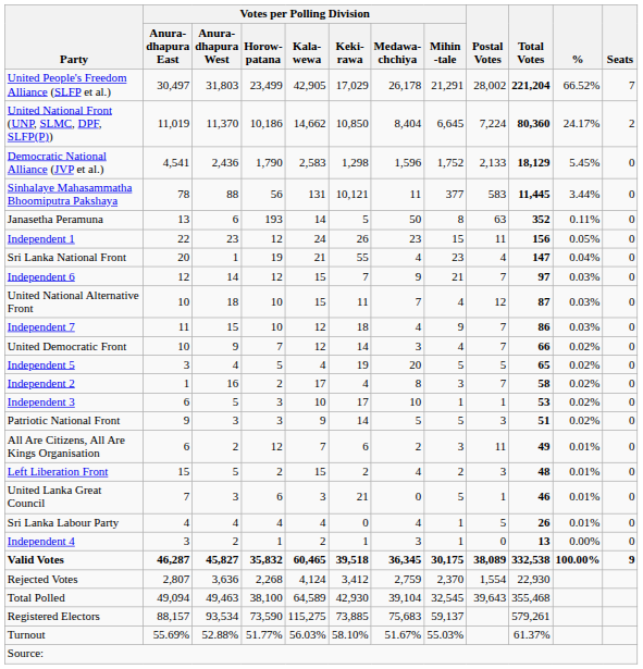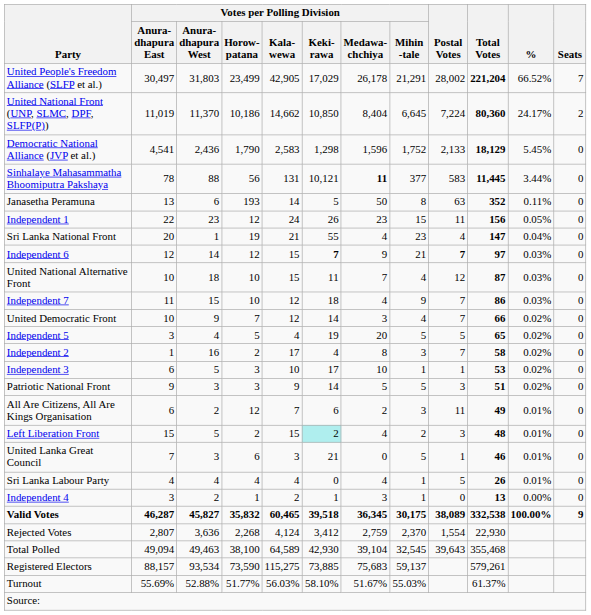 <table class="wikitable" border="1" style="text-align:right;">
 <tr>
 <th align=left valign=bottom rowspan=2 width="180">Party</th>
 <th colspan=7>Votes per Polling Division</th>
 <th align=center valign=bottom rowspan=2 width="50">Postal<br>Votes</th>
 <th align=center valign=bottom rowspan=2 width="50">Total Votes</th>
 <th align=center valign=bottom rowspan=2 width="50">%</th>
 <th align=center valign=bottom rowspan=2 width="40">Seats</th>
 </tr>
 <tr>
 <th align=center valign=bottom width="50">Anura-<br>dhapura<br>East</th>
 <th align=center valign=bottom width="50">Anura-<br>dhapura<br>West</th>
 <th align=center valign=bottom width="50">Horow-<br>patana</th>
 <th align=center valign=bottom width="50">Kala-<br>wewa</th>
 <th align=center valign=bottom width="50">Keki-<br>rawa</th>
 <th align=center valign=bottom width="50">Medawa-<br>chchiya</th>
 <th align=center valign=bottom width="50">Mihin<br>-tale</th>
 </tr>
 <tr>
 <td align=left><a href='#'>United People's Freedom Alliance</a> (<a href='#'>SLFP</a> et al.)</td>
 <td>30,497</td>
 <td>31,803</td>
 <td>23,499</td>
 <td>42,905</td>
 <td>17,029</td>
 <td>26,178</td>
 <td>21,291</td>
 <td>28,002</td>
 <td><strong>221,204</strong></td>
 <td>66.52%</td>
 <td>7</td>
 </tr>
 <tr>
 <td align=left><a href='#'>United National Front</a><br>(<a href='#'>UNP</a>, <a href='#'>SLMC</a>, <a href='#'>DPF</a>, <a href='#'>SLFP(P)</a>)</td>
 <td>11,019</td>
 <td>11,370</td>
 <td>10,186</td>
 <td>14,662</td>
 <td>10,850</td>
 <td>8,404</td>
 <td>6,645</td>
 <td>7,224</td>
 <td><strong>80,360</strong></td>
 <td>24.17%</td>
 <td>2</td>
 </tr>
 <tr>
 <td align=left><a href='#'>Democratic National Alliance</a> (<a href='#'>JVP</a> et al.)</td>
 <td>4,541</td>
 <td>2,436</td>
 <td>1,790</td>
 <td>2,583</td>
 <td>1,298</td>
 <td>1,596</td>
 <td>1,752</td>
 <td>2,133</td>
 <td><strong>18,129</strong></td>
 <td>5.45%</td>
 <td>0</td>
 </tr>
 <tr>
 <td align=left><a href='#'>Sinhalaye Mahasammatha Bhoomiputra Pakshaya</a></td>
 <td>78</td>
 <td>88</td>
 <td>56</td>
 <td>131</td>
 <td>10,121</td>
-<td>11</td>
+<td><strong>11</strong></td>
 <td>377</td>
 <td>583</td>
 <td><strong>11,445</strong></td>
 <td>3.44%</td>
 <td>0</td>
 </tr>
 <tr>
 <td align=left>Janasetha Peramuna</td>
 <td>13</td>
 <td>6</td>
 <td>193</td>
 <td>14</td>
 <td>5</td>
 <td>50</td>
 <td>8</td>
 <td>63</td>
 <td><strong>352</strong></td>
 <td>0.11%</td>
 <td>0</td>
 </tr>
 <tr>
 <td align=left><a href='#'>Independent 1</a></td>
 <td>22</td>
 <td>23</td>
 <td>12</td>
 <td>24</td>
 <td>26</td>
 <td>23</td>
 <td>15</td>
 <td>11</td>
 <td><strong>156</strong></td>
 <td>0.05%</td>
 <td>0</td>
 </tr>
 <tr>
 <td align=left>Sri Lanka National Front</td>
 <td>20</td>
 <td>1</td>
 <td>19</td>
 <td>21</td>
 <td>55</td>
 <td>4</td>
 <td>23</td>
 <td>4</td>
 <td><strong>147</strong></td>
 <td>0.04%</td>
 <td>0</td>
 </tr>
 <tr>
 <td align=left><a href='#'>Independent 6</a></td>
 <td>12</td>
 <td>14</td>
 <td>12</td>
 <td>15</td>
-<td>7</td>
+<td><strong>7</strong></td>
 <td>9</td>
 <td>21</td>
-<td>7</td>
+<td><strong>7</strong></td>
 <td><strong>97</strong></td>
 <td>0.03%</td>
 <td>0</td>
 </tr>
 <tr>
 <td align=left>United National Alternative Front</td>
 <td>10</td>
 <td>18</td>
 <td>10</td>
 <td>15</td>
 <td>11</td>
 <td>7</td>
 <td>4</td>
 <td>12</td>
 <td><strong>87</strong></td>
 <td>0.03%</td>
 <td>0</td>
 </tr>
 <tr>
 <td align=left><a href='#'>Independent 7</a></td>
 <td>11</td>
 <td>15</td>
 <td>10</td>
 <td>12</td>
 <td>18</td>
 <td>4</td>
 <td>9</td>
 <td>7</td>
 <td><strong>86</strong></td>
 <td>0.03%</td>
 <td>0</td>
 </tr>
 <tr>
 <td align=left>United Democratic Front</td>
 <td>10</td>
 <td>9</td>
 <td>7</td>
 <td>12</td>
 <td>14</td>
 <td>3</td>
 <td>4</td>
 <td>7</td>
 <td><strong>66</strong></td>
 <td>0.02%</td>
 <td>0</td>
 </tr>
 <tr>
 <td align=left><a href='#'>Independent 5</a></td>
 <td>3</td>
 <td>4</td>
 <td>5</td>
 <td>4</td>
 <td>19</td>
 <td>20</td>
 <td>5</td>
 <td>5</td>
 <td><strong>65</strong></td>
 <td>0.02%</td>
 <td>0</td>
 </tr>
 <tr>
 <td align=left><a href='#'>Independent 2</a></td>
 <td>1</td>
 <td>16</td>
 <td>2</td>
 <td>17</td>
 <td>4</td>
 <td>8</td>
 <td>3</td>
 <td>7</td>
 <td><strong>58</strong></td>
 <td>0.02%</td>
 <td>0</td>
 </tr>
 <tr>
 <td align=left><a href='#'>Independent 3</a></td>
 <td>6</td>
 <td>5</td>
 <td>3</td>
 <td>10</td>
 <td>17</td>
 <td>10</td>
 <td>1</td>
 <td>1</td>
 <td><strong>53</strong></td>
 <td>0.02%</td>
 <td>0</td>
 </tr>
 <tr>
 <td align=left>Patriotic National Front</td>
 <td>9</td>
 <td>3</td>
 <td>3</td>
 <td>9</td>
 <td>14</td>
 <td>5</td>
 <td>5</td>
 <td>3</td>
 <td><strong>51</strong></td>
 <td>0.02%</td>
 <td>0</td>
 </tr>
 <tr>
 <td align=left>All Are Citizens, All Are Kings Organisation</td>
 <td>6</td>
 <td>2</td>
 <td>12</td>
 <td>7</td>
 <td>6</td>
 <td>2</td>
 <td>3</td>
 <td>11</td>
 <td><strong>49</strong></td>
 <td>0.01%</td>
 <td>0</td>
 </tr>
 <tr>
 <td align=left><a href='#'>Left Liberation Front</a></td>
 <td>15</td>
 <td>5</td>
 <td>2</td>
 <td>15</td>
-<td>2</td>
+<td style="background: paleturquoise;">2</td>
 <td>4</td>
 <td>2</td>
 <td>3</td>
 <td><strong>48</strong></td>
 <td>0.01%</td>
 <td>0</td>
 </tr>
 <tr>
 <td align=left>United Lanka Great Council</td>
 <td>7</td>
 <td>3</td>
 <td>6</td>
 <td>3</td>
 <td>21</td>
 <td>0</td>
 <td>5</td>
 <td>1</td>
 <td><strong>46</strong></td>
 <td>0.01%</td>
 <td>0</td>
 </tr>
 <tr>
 <td align=left>Sri Lanka Labour Party</td>
 <td>4</td>
 <td>4</td>
 <td>4</td>
 <td>4</td>
 <td>0</td>
 <td>4</td>
 <td>1</td>
 <td>5</td>
 <td><strong>26</strong></td>
 <td>0.01%</td>
 <td>0</td>
 </tr>
 <tr>
 <td align=left><a href='#'>Independent 4</a></td>
 <td>3</td>
 <td>2</td>
 <td>1</td>
 <td>2</td>
 <td>1</td>
 <td>3</td>
 <td>1</td>
 <td>0</td>
 <td><strong>13</strong></td>
 <td>0.00%</td>
 <td>0</td>
 </tr>
 <tr>
 <td align=left><strong>Valid Votes</strong></td>
 <td><strong>46,287</strong></td>
 <td><strong>45,827</strong></td>
 <td><strong>35,832</strong></td>
 <td><strong>60,465</strong></td>
 <td><strong>39,518</strong></td>
 <td><strong>36,345</strong></td>
 <td><strong>30,175</strong></td>
 <td><strong>38,089</strong></td>
 <td><strong>332,538</strong></td>
 <td><strong>100.00%</strong></td>
 <td><strong>9</strong></td>
 </tr>
 <tr>
 <td align=left>Rejected Votes</td>
 <td>2,807</td>
 <td>3,636</td>
 <td>2,268</td>
 <td>4,124</td>
 <td>3,412</td>
 <td>2,759</td>
 <td>2,370</td>
 <td>1,554</td>
 <td>22,930</td>
 <td></td>
 <td></td>
 </tr>
 <tr>
 <td align=left>Total Polled</td>
 <td>49,094</td>
 <td>49,463</td>
 <td>38,100</td>
 <td>64,589</td>
 <td>42,930</td>
 <td>39,104</td>
 <td>32,545</td>
 <td>39,643</td>
 <td>355,468</td>
 <td></td>
 <td></td>
 </tr>
 <tr>
 <td align=left>Registered Electors</td>
 <td>88,157</td>
 <td>93,534</td>
 <td>73,590</td>
 <td>115,275</td>
 <td>73,885</td>
 <td>75,683</td>
 <td>59,137</td>
 <td></td>
 <td>579,261</td>
 <td></td>
 <td></td>
 </tr>
 <tr>
 <td align=left>Turnout</td>
 <td>55.69%</td>
 <td>52.88%</td>
 <td>51.77%</td>
 <td>56.03%</td>
 <td>58.10%</td>
 <td>51.67%</td>
 <td>55.03%</td>
 <td></td>
 <td>61.37%</td>
 <td></td>
 <td></td>
 </tr>
 <tr>
 <td align=left colspan=13>Source:</td>
 </tr>
 </table>
